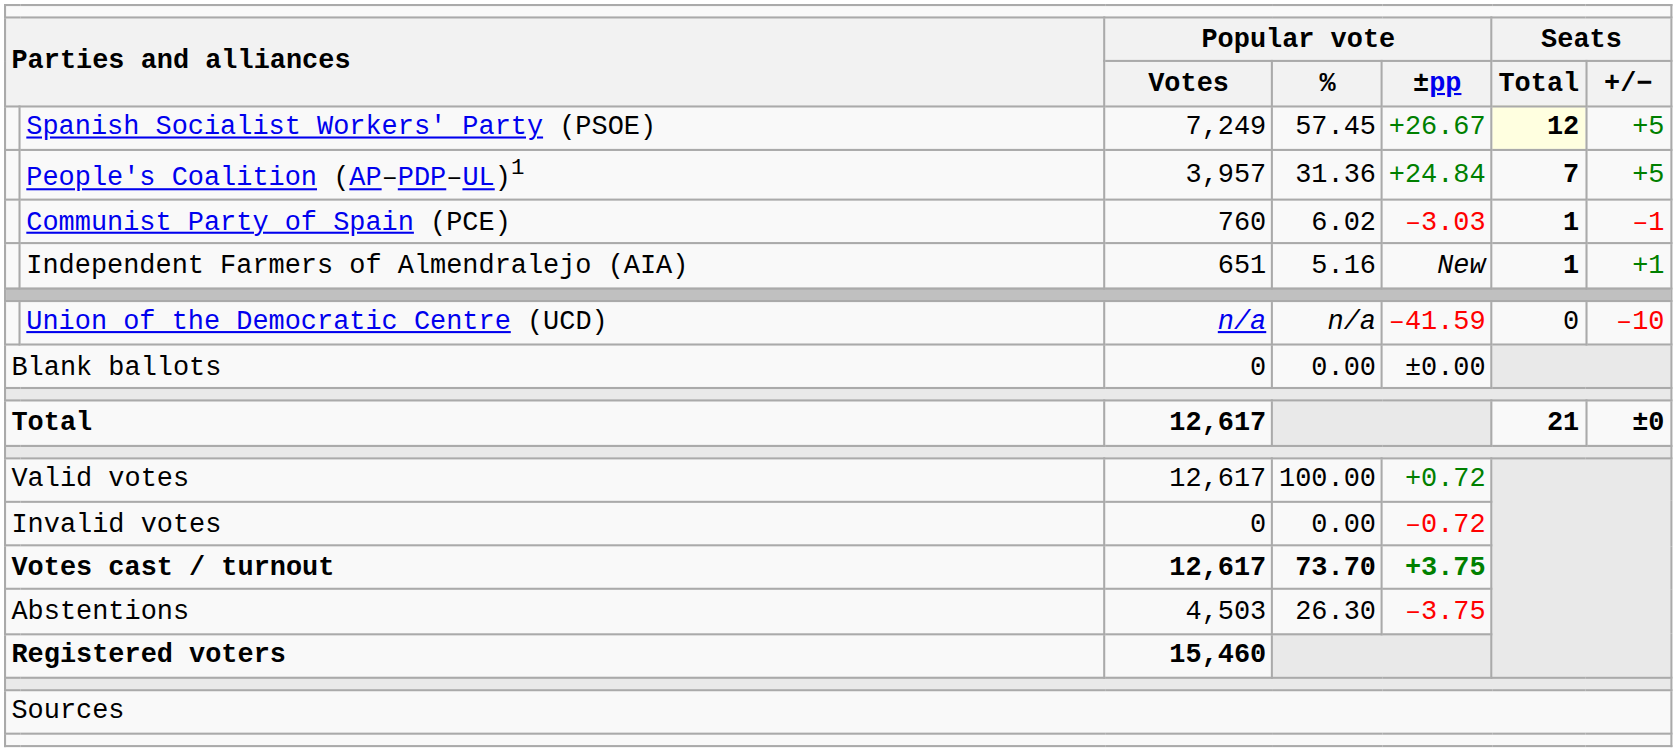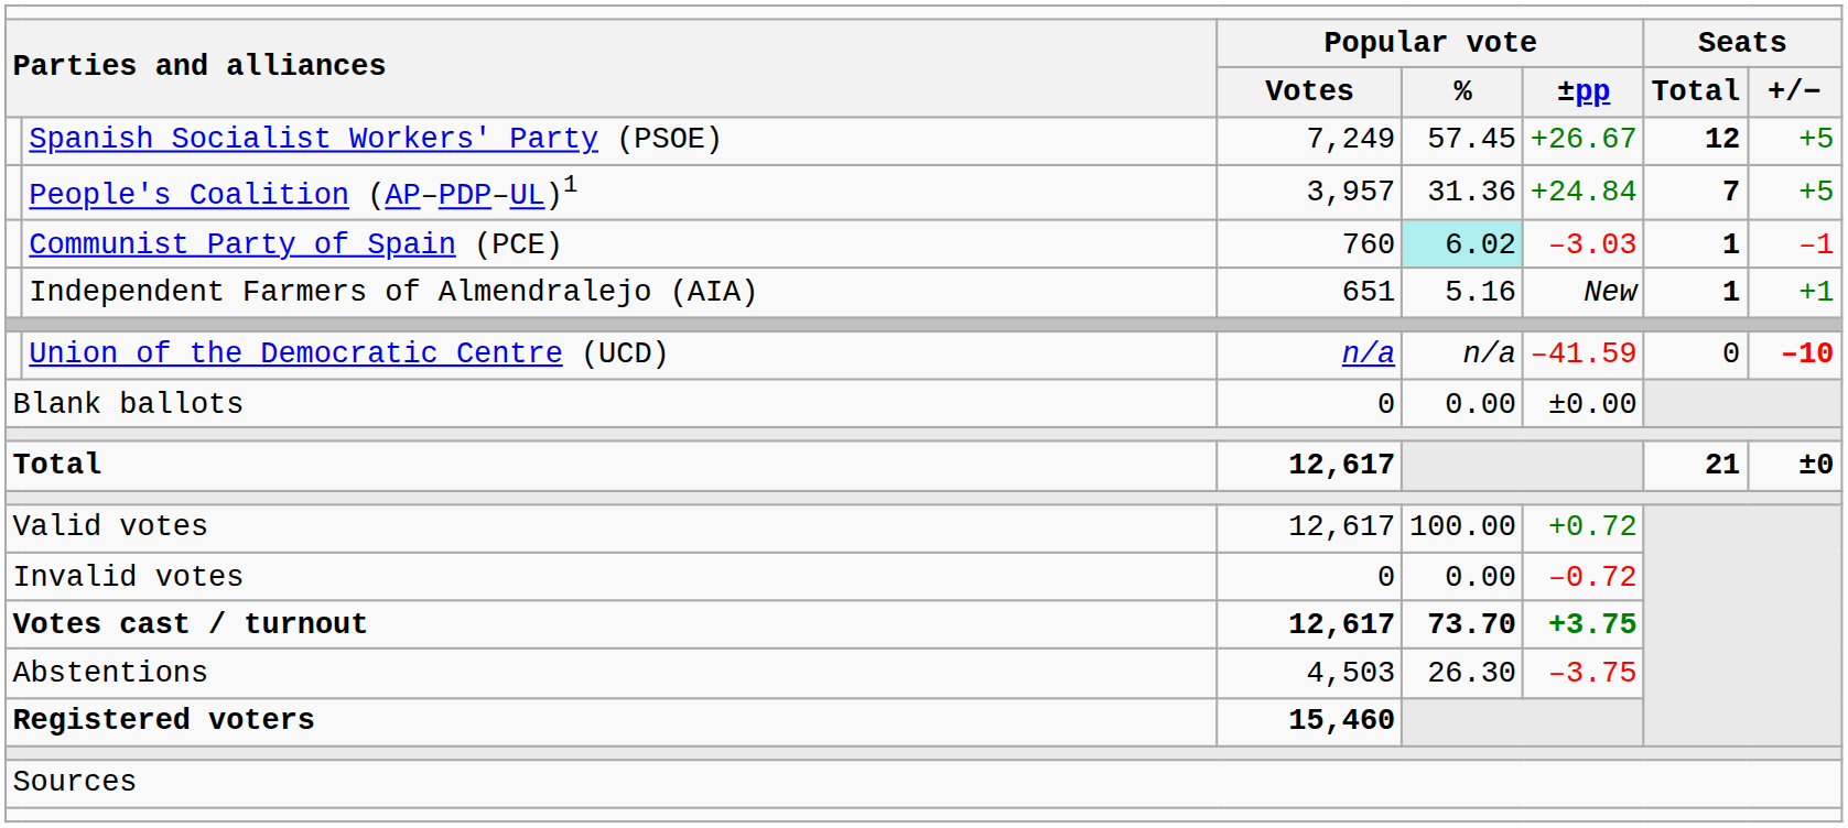 <table class="wikitable" style="text-align:right;">
 <tr>
 <td colspan="7"></td>
 </tr>
 <tr>
 <th style="text-align:left;" rowspan="2" colspan="2" width="525">Parties and alliances</th>
 <th colspan="3">Popular vote</th>
 <th colspan="2">Seats</th>
 </tr>
 <tr>
 <th width="75">Votes</th>
 <th width="45">%</th>
 <th width="45">±<a href='#'>pp</a></th>
 <th width="35">Total</th>
 <th width="35">+/−</th>
 </tr>
 <tr>
 <td width="1" style="color:inherit;background:"></td>
 <td align="left"><a href='#'>Spanish Socialist Workers' Party</a> (PSOE)</td>
 <td>7,249</td>
 <td>57.45</td>
 <td style="color:green;">+26.67</td>
-<td style="background: lightyellow;"><strong>12</strong></td>
+<td><strong>12</strong></td>
 <td style="color:green;">+5</td>
 </tr>
 <tr>
 <td style="color:inherit;background:"></td>
 <td align="left"><a href='#'>People's Coalition</a> (<a href='#'>AP</a>–<a href='#'>PDP</a>–<a href='#'>UL</a>)<sup>1</sup></td>
 <td>3,957</td>
 <td>31.36</td>
 <td style="color:green;">+24.84</td>
 <td><strong>7</strong></td>
 <td style="color:green;">+5</td>
 </tr>
 <tr>
 <td style="color:inherit;background:"></td>
 <td align="left"><a href='#'>Communist Party of Spain</a> (PCE)</td>
 <td>760</td>
-<td>6.02</td>
+<td style="background: paleturquoise;">6.02</td>
 <td style="color:red;">–3.03</td>
 <td><strong>1</strong></td>
 <td style="color:red;">–1</td>
 </tr>
 <tr>
 <td style="color:inherit;background:"></td>
 <td align="left">Independent Farmers of Almendralejo (AIA)</td>
 <td>651</td>
 <td>5.16</td>
 <td><em>New</em></td>
 <td><strong>1</strong></td>
 <td style="color:green;">+1</td>
 </tr>
 <tr>
 <td colspan="7" bgcolor="#C0C0C0"></td>
 </tr>
 <tr>
 <td style="color:inherit;background:"></td>
 <td align="left"><a href='#'>Union of the Democratic Centre</a> (UCD)</td>
 <td><em><a href='#'>n/a</a></em></td>
 <td><em>n/a</em></td>
 <td style="color:red;">–41.59</td>
 <td>0</td>
-<td style="color:red;">–10</td>
+<td style="color:red;"><strong>–10</strong></td>
 </tr>
 <tr>
 <td align="left" colspan="2">Blank ballots</td>
 <td>0</td>
 <td>0.00</td>
 <td>±0.00</td>
 <td bgcolor="#E9E9E9" colspan="2"></td>
 </tr>
 <tr>
 <td colspan="7" bgcolor="#E9E9E9"></td>
 </tr>
 <tr style="font-weight:bold;">
 <td align="left" colspan="2">Total</td>
 <td>12,617</td>
 <td bgcolor="#E9E9E9" colspan="2"></td>
 <td>21</td>
 <td>±0</td>
 </tr>
 <tr>
 <td colspan="7" bgcolor="#E9E9E9"></td>
 </tr>
 <tr>
 <td align="left" colspan="2">Valid votes</td>
 <td>12,617</td>
 <td>100.00</td>
 <td style="color:green;">+0.72</td>
 <td bgcolor="#E9E9E9" colspan="2" rowspan="5"></td>
 </tr>
 <tr>
 <td align="left" colspan="2">Invalid votes</td>
 <td>0</td>
 <td>0.00</td>
 <td style="color:red;">–0.72</td>
 </tr>
 <tr style="font-weight:bold;">
 <td align="left" colspan="2">Votes cast / turnout</td>
 <td>12,617</td>
 <td>73.70</td>
 <td style="color:green;">+3.75</td>
 </tr>
 <tr>
 <td align="left" colspan="2">Abstentions</td>
 <td>4,503</td>
 <td>26.30</td>
 <td style="color:red;">–3.75</td>
 </tr>
 <tr style="font-weight:bold;">
 <td align="left" colspan="2">Registered voters</td>
 <td>15,460</td>
 <td bgcolor="#E9E9E9" colspan="2"></td>
 </tr>
 <tr>
 <td colspan="7" bgcolor="#E9E9E9"></td>
 </tr>
 <tr>
 <td align="left" colspan="7">Sources</td>
 </tr>
 <tr>
 <td colspan="7" style="text-align:left; max-width:790px;"></td>
 </tr>
 </table>
